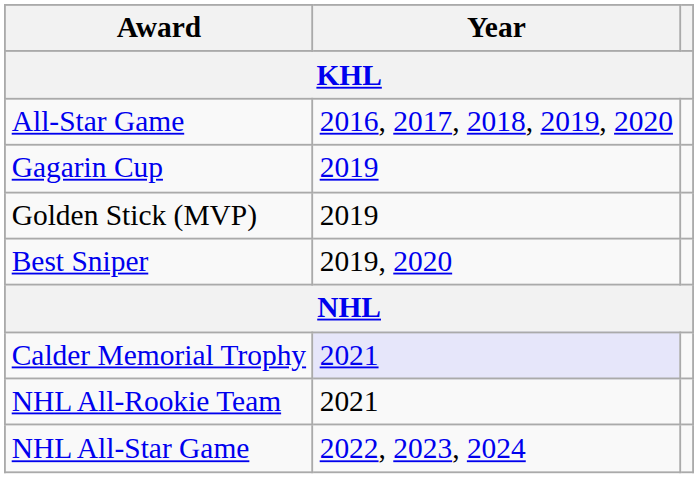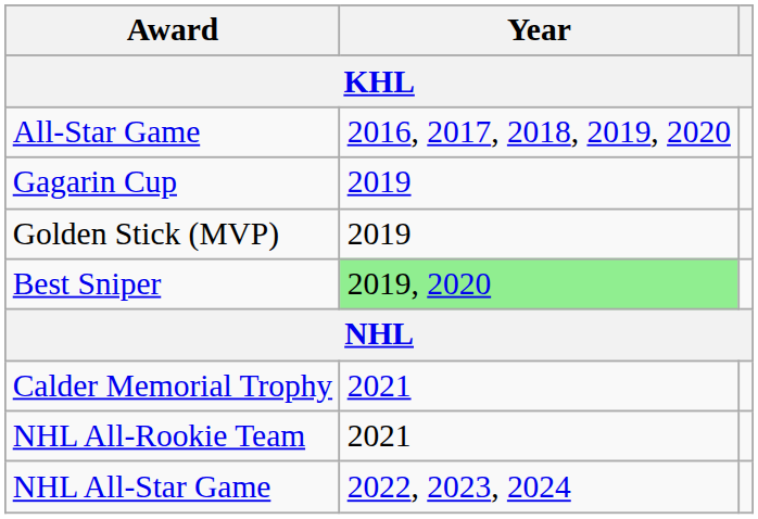 <table class="wikitable">
 <tr>
 <th>Award</th>
 <th>Year</th>
 <th></th>
 </tr>
 <tr>
 <th colspan="3"><a href='#'>KHL</a></th>
 </tr>
 <tr>
 <td><a href='#'>All-Star Game</a></td>
 <td><a href='#'>2016</a>, <a href='#'>2017</a>, <a href='#'>2018</a>, <a href='#'>2019</a>, <a href='#'>2020</a></td>
 <td></td>
 </tr>
 <tr>
 <td><a href='#'>Gagarin Cup</a></td>
 <td><a href='#'>2019</a></td>
 <td></td>
 </tr>
 <tr>
 <td>Golden Stick (MVP)</td>
 <td>2019</td>
 <td></td>
 </tr>
 <tr>
 <td><a href='#'>Best Sniper</a></td>
-<td>2019, <a href='#'>2020</a></td>
+<td style="background: lightgreen;">2019, <a href='#'>2020</a></td>
 <td></td>
 </tr>
 <tr>
 <th colspan="3"><a href='#'>NHL</a></th>
 </tr>
 <tr>
 <td><a href='#'>Calder Memorial Trophy</a></td>
-<td style="background: lavender;"><a href='#'>2021</a></td>
+<td><a href='#'>2021</a></td>
 <td></td>
 </tr>
 <tr>
 <td><a href='#'>NHL All-Rookie Team</a></td>
 <td>2021</td>
 <td></td>
 </tr>
 <tr>
 <td><a href='#'>NHL All-Star Game</a></td>
 <td><a href='#'>2022</a>, <a href='#'>2023</a>, <a href='#'>2024</a></td>
 <td></td>
 </tr>
 </table>
